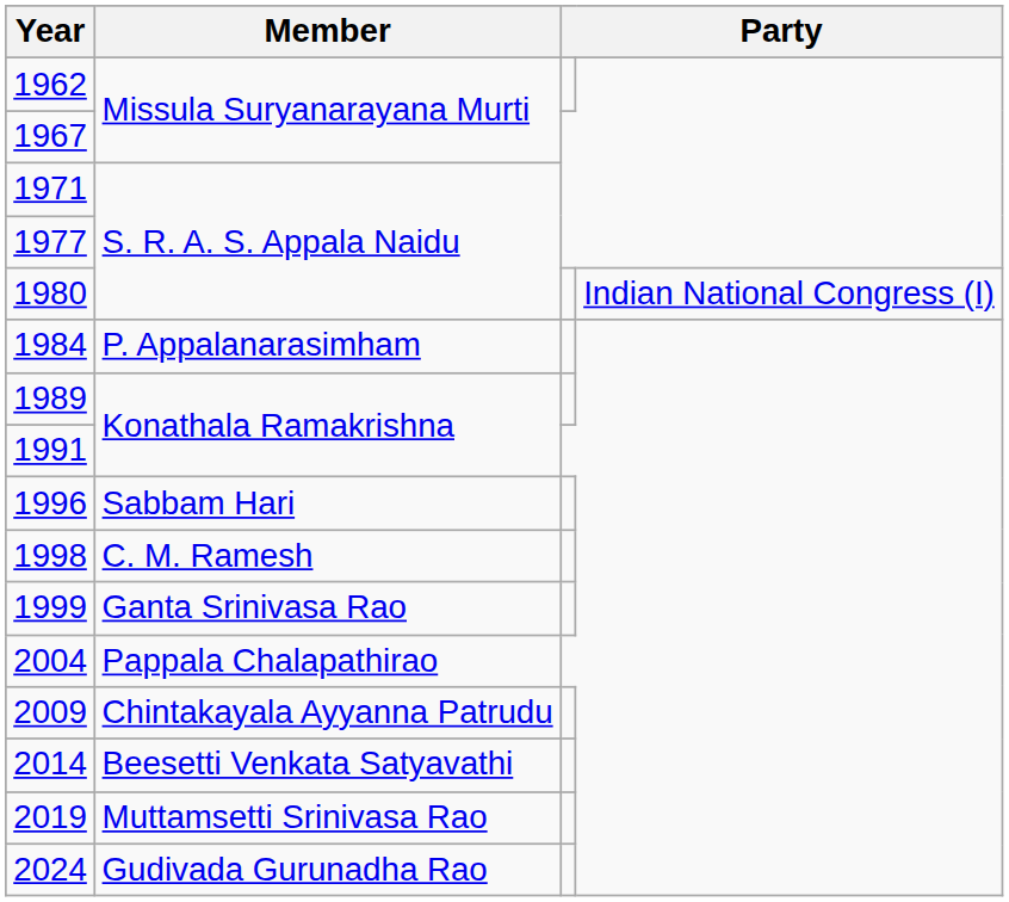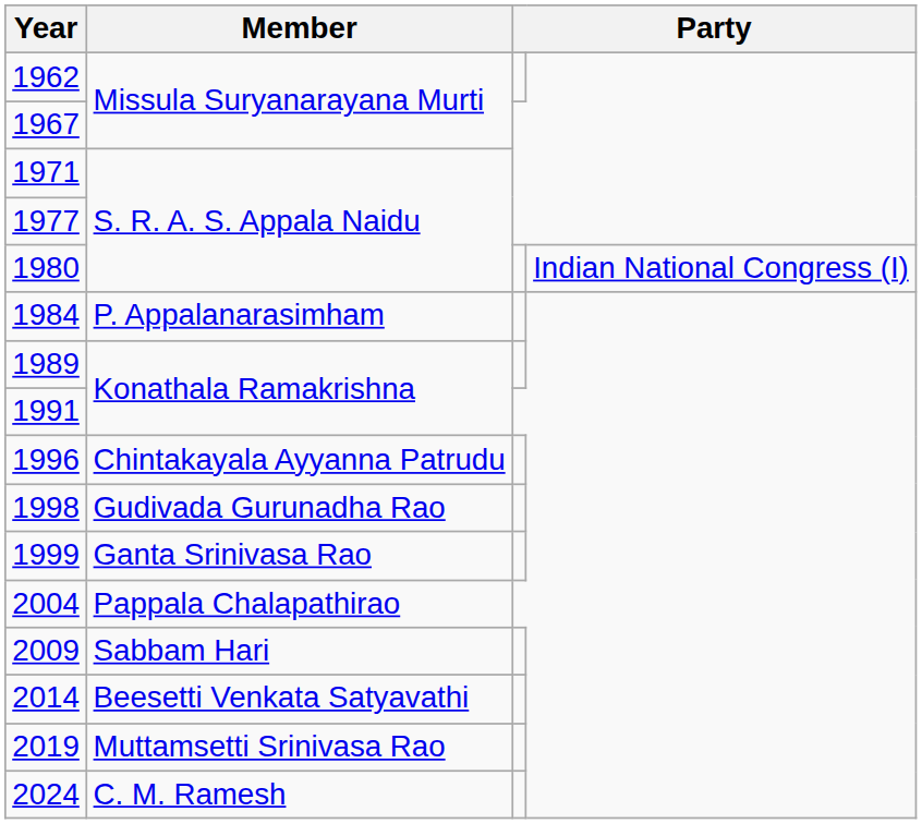 <table class="wikitable sortable">
 <tr>
 <th>Year</th>
 <th>Member</th>
 <th colspan="2">Party</th>
 </tr>
 <tr>
 <td><a href='#'>1962</a></td>
 <td rowspan="2"><a href='#'>Missula Suryanarayana Murti</a></td>
 <td></td>
 </tr>
 <tr>
 <td><a href='#'>1967</a></td>
 </tr>
 <tr>
 <td><a href='#'>1971</a></td>
 <td rowspan="3"><a href='#'>S. R. A. S. Appala Naidu</a></td>
 </tr>
 <tr>
 <td><a href='#'>1977</a></td>
 </tr>
 <tr>
 <td><a href='#'>1980</a></td>
 <td style="background-color: "></td>
 <td><a href='#'>Indian National Congress (I)</a></td>
 </tr>
 <tr>
 <td><a href='#'>1984</a></td>
 <td><a href='#'>P. Appalanarasimham</a></td>
 <td></td>
 </tr>
 <tr>
 <td><a href='#'>1989</a></td>
 <td rowspan="2"><a href='#'>Konathala Ramakrishna</a></td>
 <td></td>
 </tr>
 <tr>
 <td><a href='#'>1991</a></td>
 </tr>
 <tr>
 <td><a href='#'>1996</a></td>
-<td><a href='#'>Sabbam Hari</a></td>
+<td><a href='#'>Chintakayala Ayyanna Patrudu</a></td>
 <td></td>
 </tr>
 <tr>
 <td><a href='#'>1998</a></td>
-<td><a href='#'>C. M. Ramesh</a></td>
+<td><a href='#'>Gudivada Gurunadha Rao</a></td>
 <td></td>
 </tr>
 <tr>
 <td><a href='#'>1999</a></td>
 <td><a href='#'>Ganta Srinivasa Rao</a></td>
 <td></td>
 </tr>
 <tr>
 <td><a href='#'>2004</a></td>
 <td><a href='#'>Pappala Chalapathirao</a></td>
 </tr>
 <tr>
 <td><a href='#'>2009</a></td>
-<td><a href='#'>Chintakayala Ayyanna Patrudu</a></td>
+<td><a href='#'>Sabbam Hari</a></td>
 <td></td>
 </tr>
 <tr>
 <td><a href='#'>2014</a></td>
 <td><a href='#'>Beesetti Venkata Satyavathi</a></td>
 <td></td>
 </tr>
 <tr>
 <td><a href='#'>2019</a></td>
 <td><a href='#'>Muttamsetti Srinivasa Rao</a></td>
 <td></td>
 </tr>
 <tr>
 <td><a href='#'>2024</a></td>
-<td><a href='#'>Gudivada Gurunadha Rao</a></td>
+<td><a href='#'>C. M. Ramesh</a></td>
 <td></td>
 </tr>
 </table>
